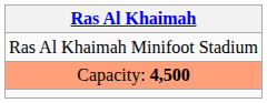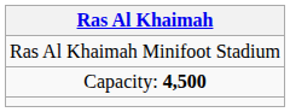 <table class="wikitable" style="margin:auto;text-align:center">
 <tr>
 <th><a href='#'>Ras Al Khaimah</a></th>
 </tr>
 <tr>
 <td>Ras Al Khaimah Minifoot Stadium</td>
 </tr>
 <tr>
-<td style="background: lightsalmon;">Capacity: <strong>4,500</strong></td>
+<td>Capacity: <strong>4,500</strong></td>
 </tr>
 <tr>
 <td></td>
 </tr>
 </table>
